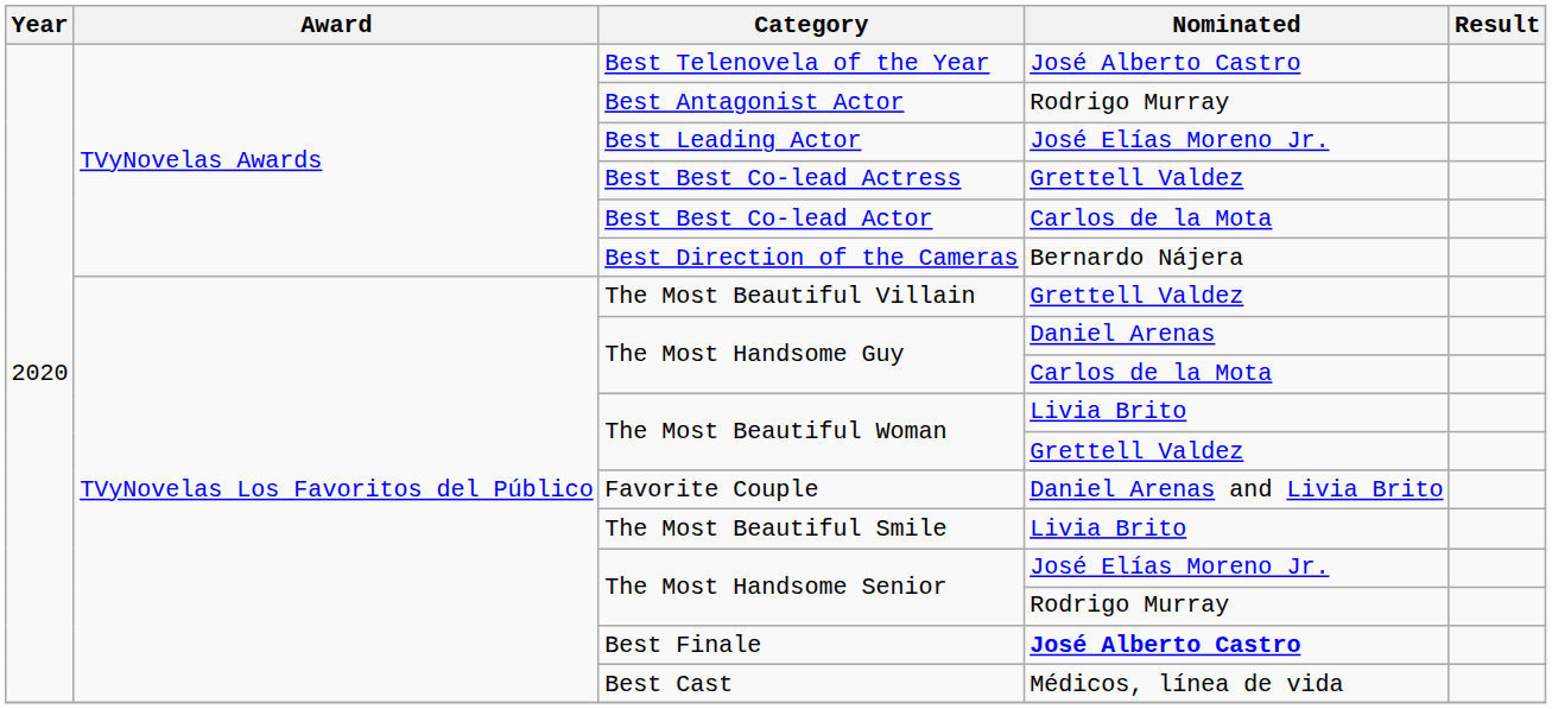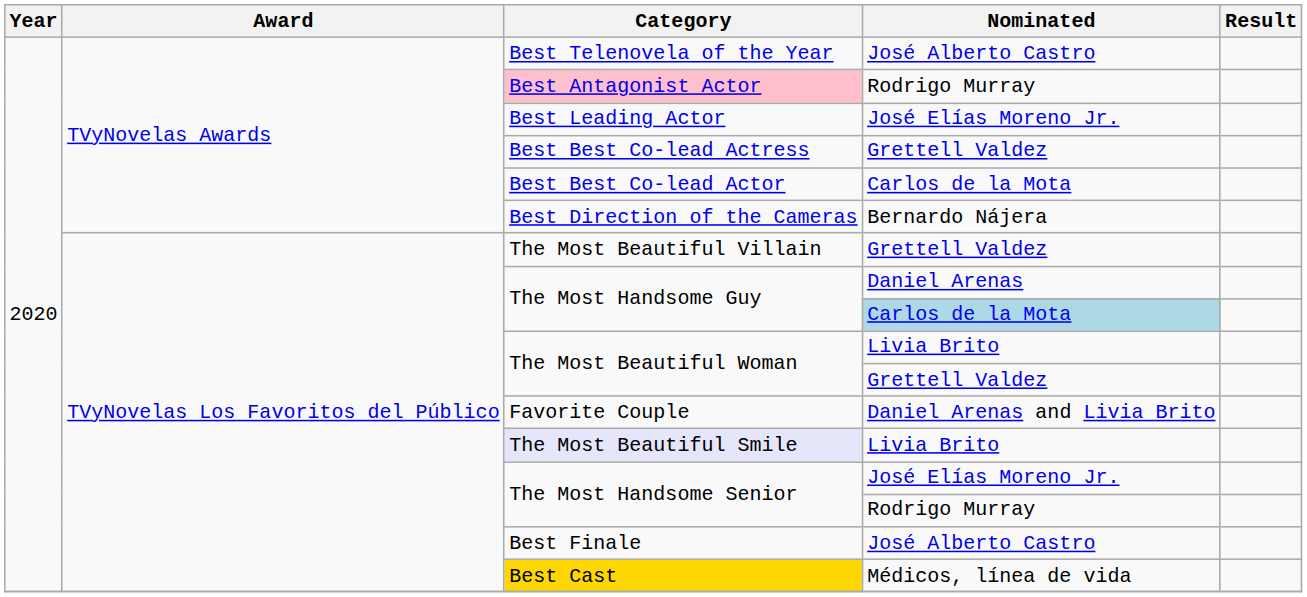 <table class="wikitable plainrowheaders">
 <tr>
 <th scope="col">Year</th>
 <th scope="col">Award</th>
 <th scope="col">Category</th>
 <th scope="col">Nominated</th>
 <th scope="col">Result</th>
 </tr>
 <tr>
 <td rowspan="17">2020</td>
 <td rowspan="6"><a href='#'>TVyNovelas Awards</a></td>
 <td><a href='#'>Best Telenovela of the Year</a></td>
 <td><a href='#'>José Alberto Castro</a></td>
 <td></td>
 </tr>
 <tr>
-<td><a href='#'>Best Antagonist Actor</a></td>
+<td style="background: pink;"><a href='#'>Best Antagonist Actor</a></td>
 <td>Rodrigo Murray</td>
 <td></td>
 </tr>
 <tr>
 <td><a href='#'>Best Leading Actor</a></td>
 <td><a href='#'>José Elías Moreno Jr.</a></td>
 <td></td>
 </tr>
 <tr>
 <td><a href='#'>Best Best Co-lead Actress</a></td>
 <td><a href='#'>Grettell Valdez</a></td>
 <td></td>
 </tr>
 <tr>
 <td><a href='#'>Best Best Co-lead Actor</a></td>
 <td><a href='#'>Carlos de la Mota</a></td>
 <td></td>
 </tr>
 <tr>
 <td><a href='#'>Best Direction of the Cameras</a></td>
 <td>Bernardo Nájera</td>
 <td></td>
 </tr>
 <tr>
 <td rowspan="11"><a href='#'>TVyNovelas Los Favoritos del Público</a></td>
 <td>The Most Beautiful Villain</td>
 <td><a href='#'>Grettell Valdez</a></td>
 <td></td>
 </tr>
 <tr>
 <td rowspan="2">The Most Handsome Guy</td>
 <td><a href='#'>Daniel Arenas</a></td>
 <td></td>
 </tr>
 <tr>
-<td><a href='#'>Carlos de la Mota</a></td>
+<td style="background: lightblue;"><a href='#'>Carlos de la Mota</a></td>
 <td></td>
 </tr>
 <tr>
 <td rowspan="2">The Most Beautiful Woman</td>
 <td><a href='#'>Livia Brito</a></td>
 <td></td>
 </tr>
 <tr>
 <td><a href='#'>Grettell Valdez</a></td>
 <td></td>
 </tr>
 <tr>
 <td>Favorite Couple</td>
 <td><a href='#'>Daniel Arenas</a> and <a href='#'>Livia Brito</a></td>
 <td></td>
 </tr>
 <tr>
-<td>The Most Beautiful Smile</td>
+<td style="background: lavender;">The Most Beautiful Smile</td>
 <td><a href='#'>Livia Brito</a></td>
 <td></td>
 </tr>
 <tr>
 <td rowspan="2">The Most Handsome Senior</td>
 <td><a href='#'>José Elías Moreno Jr.</a></td>
 <td></td>
 </tr>
 <tr>
 <td>Rodrigo Murray</td>
 <td></td>
 </tr>
 <tr>
 <td>Best Finale</td>
-<td><strong><a href='#'>José Alberto Castro</a></strong></td>
+<td><a href='#'>José Alberto Castro</a></td>
 <td></td>
 </tr>
 <tr>
-<td>Best Cast</td>
+<td style="background: gold;">Best Cast</td>
 <td>Médicos, línea de vida</td>
 <td></td>
 </tr>
 <tr>
 </tr>
 </table>
